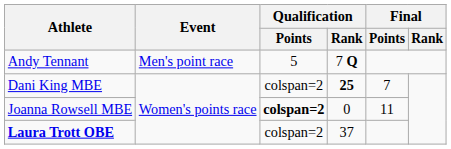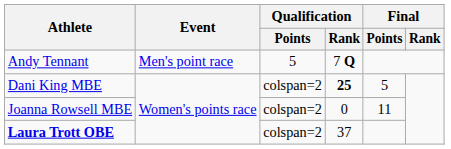 <table class="wikitable" style="font-size:90%;">
 <tr>
 <th rowspan=2>Athlete</th>
 <th rowspan=2>Event</th>
 <th colspan=2>Qualification</th>
 <th colspan=2>Final</th>
 </tr>
 <tr style="font-size:95%">
 <th>Points</th>
 <th>Rank</th>
 <th>Points</th>
 <th>Rank</th>
 </tr>
 <tr align=center>
 <td align=left><a href='#'>Andy Tennant</a></td>
 <td align=left><a href='#'>Men's point race</a></td>
 <td>5</td>
 <td>7 <strong>Q</strong></td>
 <td colspan="2"></td>
 </tr>
 <tr align=center>
 <td align=left><a href='#'>Dani King MBE</a></td>
 <td style="text-align:left;" rowspan="3"><a href='#'>Women's points race</a></td>
 <td>colspan=2 </td>
 <td><strong>25</strong></td>
-<td>7</td>
+<td>5</td>
 </tr>
 <tr align=center>
 <td align=left><a href='#'>Joanna Rowsell MBE</a></td>
-<td><strong>colspan=2 </strong></td>
+<td>colspan=2 </td>
 <td>0</td>
 <td>11</td>
 </tr>
 <tr align=center>
 <td align=left><strong><a href='#'>Laura Trott OBE</a></strong></td>
 <td>colspan=2 </td>
 <td>37</td>
 <td></td>
 </tr>
 </table>
